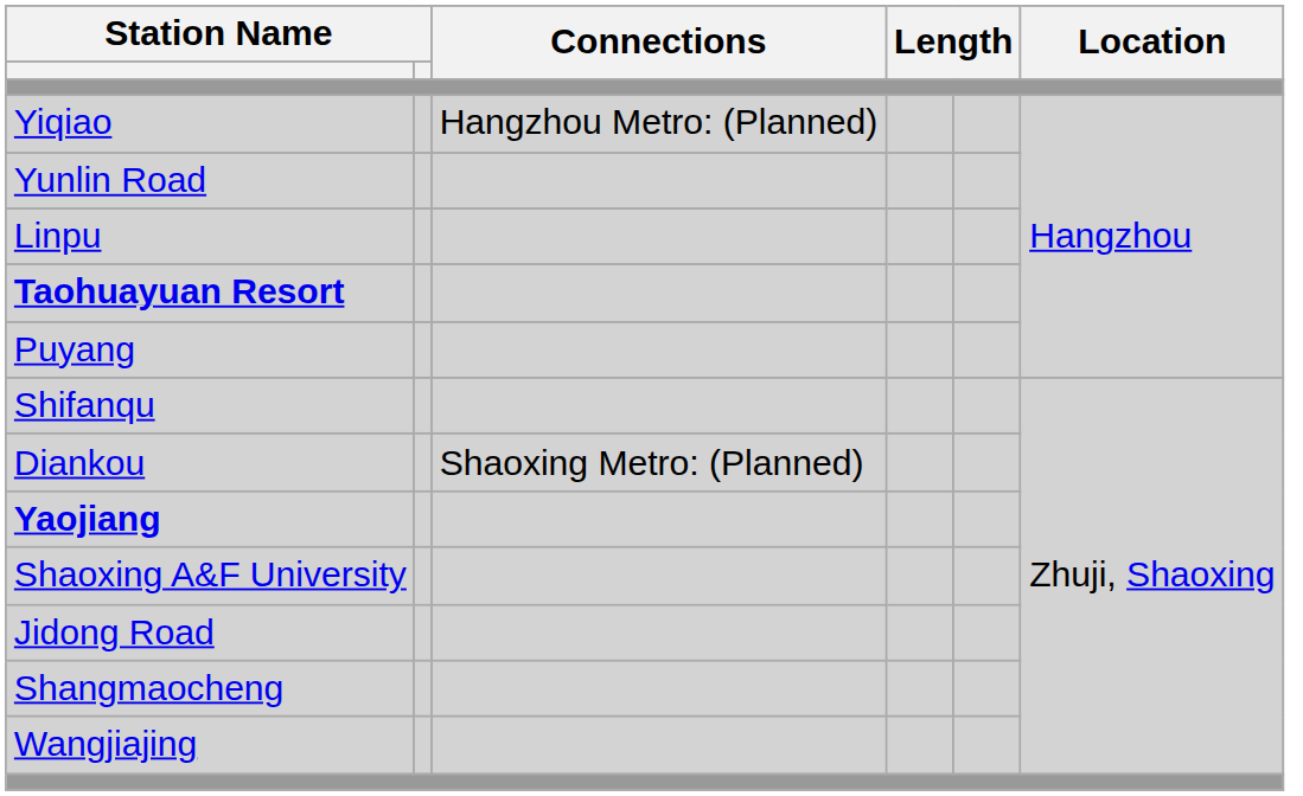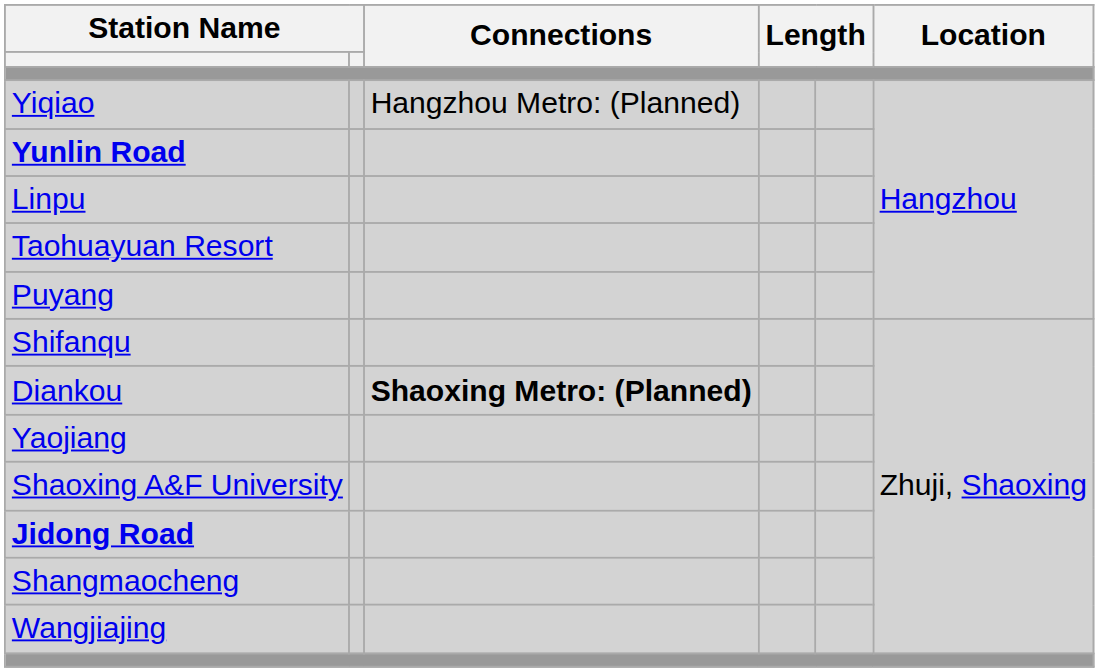 <table class="wikitable">
 <tr>
 <th colspan="2">Station Name</th>
 <th rowspan="2">Connections</th>
 <th rowspan="2" colspan="2">Length</th>
 <th rowspan="2">Location</th>
 </tr>
 <tr>
 <th></th>
 <th></th>
 </tr>
 <tr style = "background:#999999; height: 2pt">
 <td colspan = "8"></td>
 </tr>
 <tr bgcolor="lightgrey">
 <td><a href='#'>Yiqiao</a></td>
 <td></td>
 <td>Hangzhou Metro:  (Planned)</td>
 <td></td>
 <td></td>
 <td rowspan="5"><a href='#'>Hangzhou</a></td>
 </tr>
 <tr bgcolor="lightgrey">
-<td><a href='#'>Yunlin Road</a></td>
+<td><strong><a href='#'>Yunlin Road</a></strong></td>
 <td></td>
 <td></td>
 <td></td>
 <td></td>
 </tr>
 <tr bgcolor="lightgrey">
 <td><a href='#'>Linpu</a></td>
 <td></td>
 <td></td>
 <td></td>
 <td></td>
 </tr>
 <tr bgcolor="lightgrey">
-<td><strong><a href='#'>Taohuayuan Resort</a></strong></td>
+<td><a href='#'>Taohuayuan Resort</a></td>
 <td></td>
 <td></td>
 <td></td>
 <td></td>
 </tr>
 <tr bgcolor="lightgrey">
 <td><a href='#'>Puyang</a></td>
 <td></td>
 <td></td>
 <td></td>
 <td></td>
 </tr>
 <tr bgcolor="lightgrey">
 <td><a href='#'>Shifanqu</a></td>
 <td></td>
 <td></td>
 <td></td>
 <td></td>
 <td rowspan="7">Zhuji, <a href='#'>Shaoxing</a></td>
 </tr>
 <tr bgcolor="lightgrey">
 <td><a href='#'>Diankou</a></td>
 <td></td>
-<td>Shaoxing Metro:  (Planned)</td>
+<td><strong>Shaoxing Metro:  (Planned)</strong></td>
 <td></td>
 <td></td>
 </tr>
 <tr bgcolor="lightgrey">
-<td><strong><a href='#'>Yaojiang</a></strong></td>
+<td><a href='#'>Yaojiang</a></td>
 <td></td>
 <td></td>
 <td></td>
 <td></td>
 </tr>
 <tr bgcolor="lightgrey">
 <td><a href='#'>Shaoxing A&F University</a></td>
 <td></td>
 <td></td>
 <td></td>
 <td></td>
 </tr>
 <tr bgcolor="lightgrey">
-<td><a href='#'>Jidong Road</a></td>
+<td><strong><a href='#'>Jidong Road</a></strong></td>
 <td></td>
 <td></td>
 <td></td>
 <td></td>
 </tr>
 <tr bgcolor="lightgrey">
 <td><a href='#'>Shangmaocheng</a></td>
 <td></td>
 <td></td>
 <td></td>
 <td></td>
 </tr>
 <tr bgcolor="lightgrey">
 <td><a href='#'>Wangjiajing</a></td>
 <td></td>
 <td></td>
 <td></td>
 <td></td>
 </tr>
 <tr style = "background:#999999; height: 2pt">
 <td colspan = "8"></td>
 </tr>
 </table>
